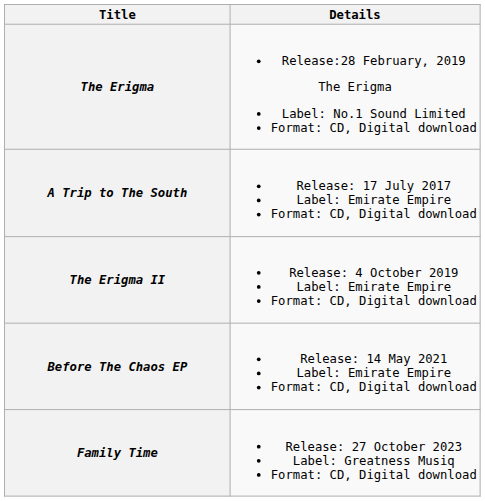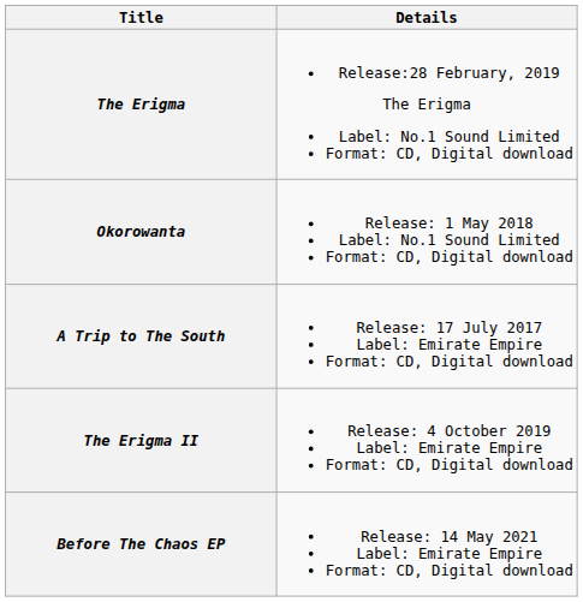 <table class="wikitable plainrowheaders" style="text-align:center;">
 <tr>
 <th scope="col" style="width:18em;">Title</th>
 <th scope="col" style="length:40em;">Details</th>
 </tr>
 <tr>
 <th scope="row"><em>The Erigma</em></th>
 <td><br><ul><li>Release:28 February, 2019</li></ul>The Erigma<ul><li>Label: No.1 Sound Limited</li><li>Format: CD, Digital download</li></ul></td>
+</tr>
+<tr>
+<th scope="row"><em>Okorowanta</em></th>
+<td><br><ul><li>Release: 1 May 2018</li><li>Label: No.1 Sound Limited</li><li>Format: CD, Digital download</li></ul></td>
 </tr>
 <tr>
 <th scope="row"><em>A Trip to The South</em></th>
 <td><br><ul><li>Release: 17 July 2017</li><li>Label: Emirate Empire</li><li>Format: CD, Digital download</li></ul></td>
 </tr>
 <tr>
 <th scope="row"><em>The Erigma II</em></th>
 <td><br><ul><li>Release: 4 October 2019</li><li>Label: Emirate Empire</li><li>Format: CD, Digital download</li></ul></td>
 </tr>
 <tr>
 <th scope="row"><em>Before The Chaos EP</em> </th>
 <td><br><ul><li>Release: 14 May 2021</li><li>Label: Emirate Empire</li><li>Format: CD, Digital download</li></ul></td>
 </tr>
-<tr>
-<th scope="row"><em>Family Time</em> </th>
-<td><br><ul><li>Release: 27 October 2023</li><li>Label: Greatness Musiq</li><li>Format: CD, Digital download</li></ul></td>
-</tr>
 </table>
